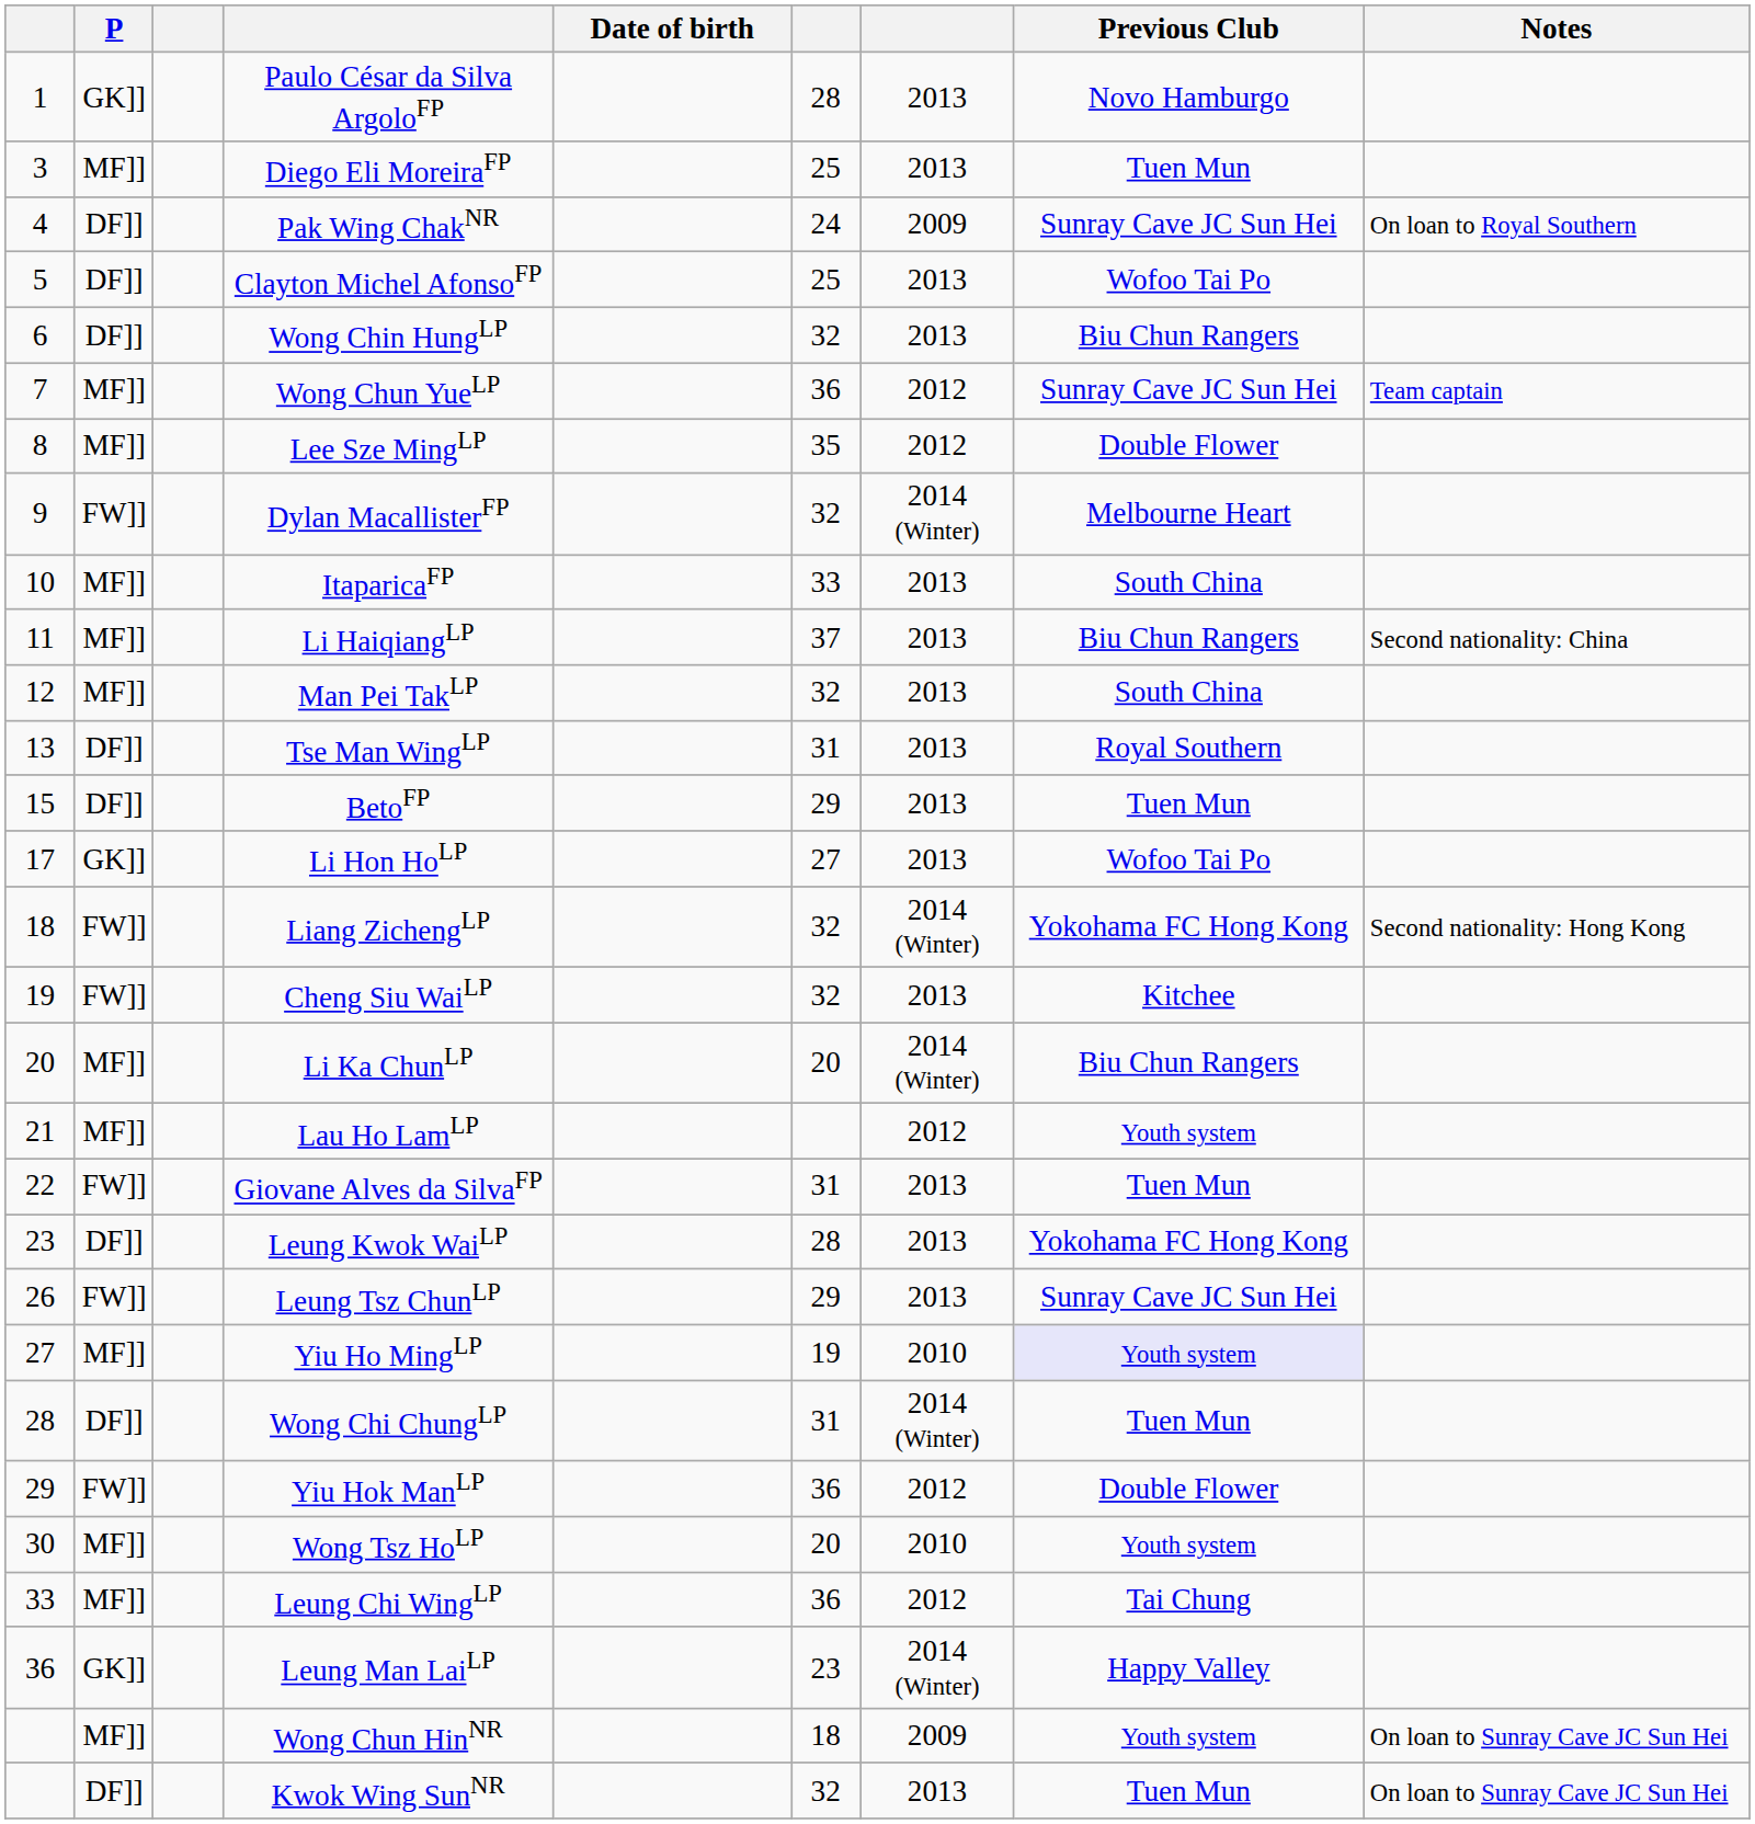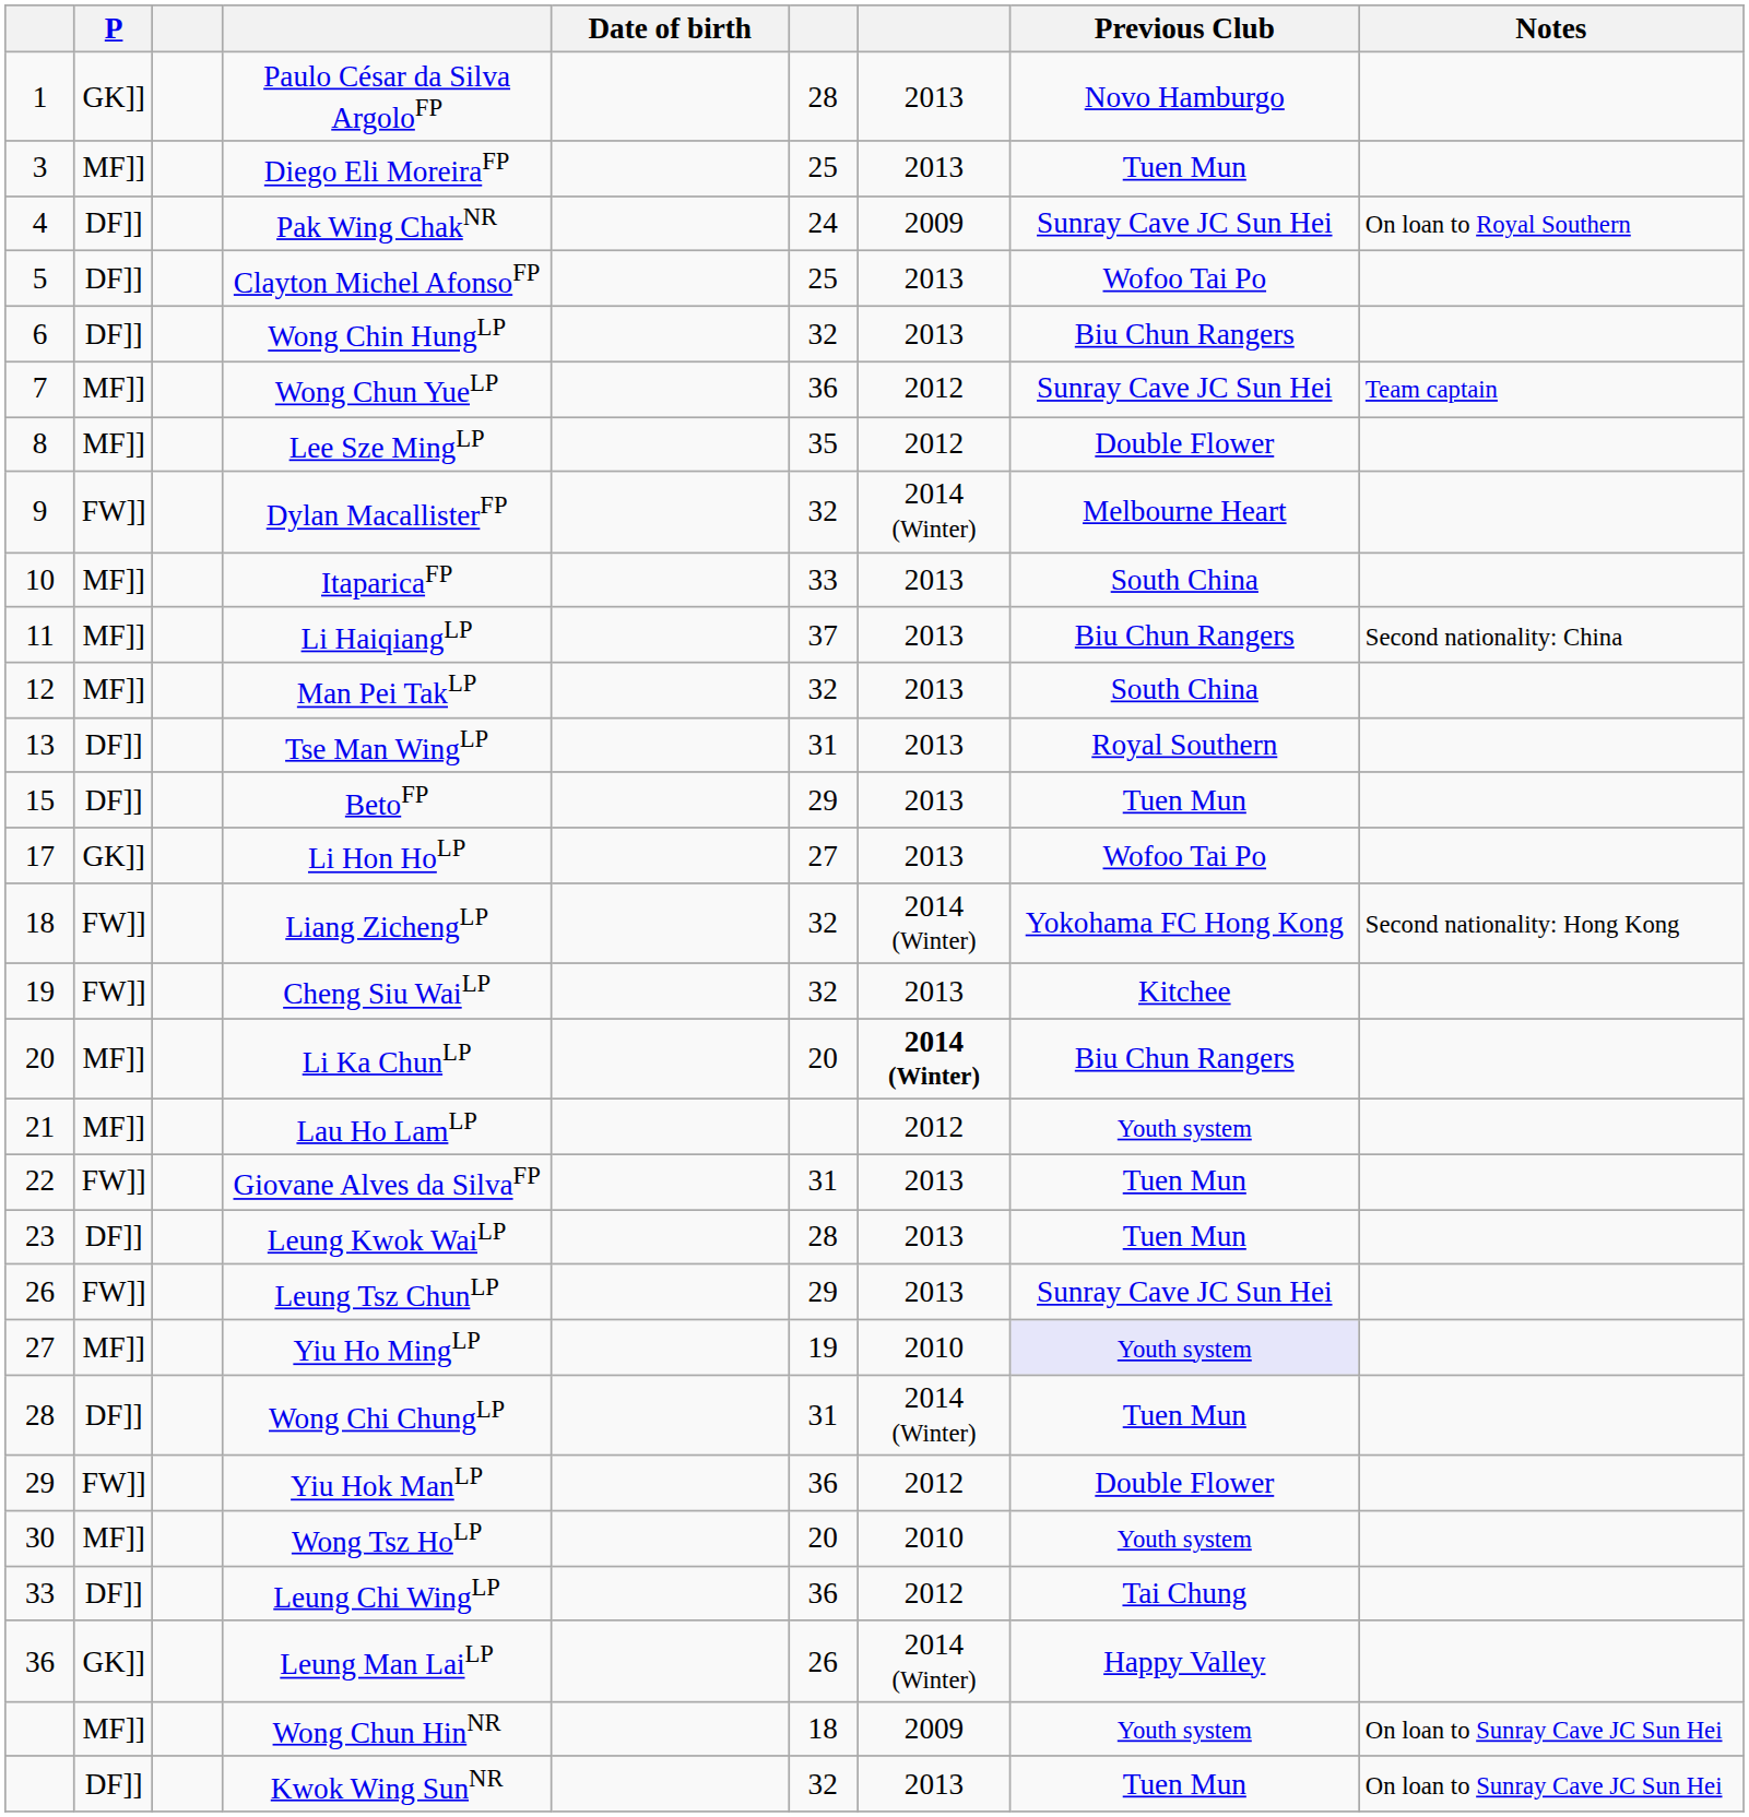 <table class="wikitable sortable" style="text-align: center;">
 <tr>
 <th width=30></th>
 <th width=30><a href='#'>P</a></th>
 <th width=30></th>
 <th width=170></th>
 <th width=120>Date of birth</th>
 <th width=30></th>
 <th width=75></th>
 <th width=180>Previous Club</th>
 <th width=200>Notes</th>
 </tr>
 <tr>
 <td>1</td>
 <td [[>GK]]</td>
 <td></td>
 <td><a href='#'>Paulo César da Silva Argolo</a><sup>FP</sup></td>
 <td></td>
 <td>28</td>
 <td>2013</td>
 <td> <a href='#'>Novo Hamburgo</a></td>
 <td></td>
 </tr>
 <tr>
 <td>3</td>
 <td [[>MF]]</td>
 <td></td>
 <td><a href='#'>Diego Eli Moreira</a><sup>FP</sup></td>
 <td></td>
 <td>25</td>
 <td>2013</td>
 <td> <a href='#'>Tuen Mun</a></td>
 <td></td>
 </tr>
 <tr>
 <td>4</td>
 <td [[>DF]]</td>
 <td></td>
 <td><a href='#'>Pak Wing Chak</a><sup>NR</sup></td>
 <td></td>
 <td>24</td>
 <td>2009</td>
 <td> <a href='#'>Sunray Cave JC Sun Hei</a></td>
 <td align=left><small>On loan to <a href='#'>Royal Southern</a></small></td>
 </tr>
 <tr>
 <td>5</td>
 <td [[>DF]]</td>
 <td></td>
 <td><a href='#'>Clayton Michel Afonso</a><sup>FP</sup></td>
 <td></td>
 <td>25</td>
 <td>2013</td>
 <td> <a href='#'>Wofoo Tai Po</a></td>
 <td></td>
 </tr>
 <tr>
 <td>6</td>
 <td [[>DF]]</td>
 <td></td>
 <td><a href='#'>Wong Chin Hung</a><sup>LP</sup></td>
 <td></td>
 <td>32</td>
 <td>2013</td>
 <td> <a href='#'>Biu Chun Rangers</a></td>
 <td></td>
 </tr>
 <tr>
 <td>7</td>
 <td [[>MF]]</td>
 <td></td>
 <td><a href='#'>Wong Chun Yue</a><sup>LP</sup></td>
 <td></td>
 <td>36</td>
 <td>2012</td>
 <td> <a href='#'>Sunray Cave JC Sun Hei</a></td>
 <td align=left><small><a href='#'>Team captain</a></small></td>
 </tr>
 <tr>
 <td>8</td>
 <td [[>MF]]</td>
 <td></td>
 <td><a href='#'>Lee Sze Ming</a><sup>LP</sup></td>
 <td></td>
 <td>35</td>
 <td>2012</td>
 <td> <a href='#'>Double Flower</a></td>
 <td></td>
 </tr>
 <tr>
 <td>9</td>
 <td [[>FW]]</td>
 <td></td>
 <td><a href='#'>Dylan Macallister</a><sup>FP</sup></td>
 <td></td>
 <td>32</td>
 <td>2014 <small>(Winter)</small></td>
 <td> <a href='#'>Melbourne Heart</a></td>
 <td></td>
 </tr>
 <tr>
 <td>10</td>
 <td [[>MF]]</td>
 <td></td>
 <td><a href='#'>Itaparica</a><sup>FP</sup></td>
 <td></td>
 <td>33</td>
 <td>2013</td>
 <td> <a href='#'>South China</a></td>
 <td></td>
 </tr>
 <tr>
 <td>11</td>
 <td [[>MF]]</td>
 <td></td>
 <td><a href='#'>Li Haiqiang</a><sup>LP</sup></td>
 <td></td>
 <td>37</td>
 <td>2013</td>
 <td> <a href='#'>Biu Chun Rangers</a></td>
 <td align=left><small>Second nationality: China</small></td>
 </tr>
 <tr>
 <td>12</td>
 <td [[>MF]]</td>
 <td></td>
 <td><a href='#'>Man Pei Tak</a><sup>LP</sup></td>
 <td></td>
 <td>32</td>
 <td>2013</td>
 <td> <a href='#'>South China</a></td>
 <td></td>
 </tr>
 <tr>
 <td>13</td>
 <td [[>DF]]</td>
 <td></td>
 <td><a href='#'>Tse Man Wing</a><sup>LP</sup></td>
 <td></td>
 <td>31</td>
 <td>2013</td>
 <td> <a href='#'>Royal Southern</a></td>
 <td></td>
 </tr>
 <tr>
 <td>15</td>
 <td [[>DF]]</td>
 <td></td>
 <td><a href='#'>Beto</a><sup>FP</sup></td>
 <td></td>
 <td>29</td>
 <td>2013</td>
 <td> <a href='#'>Tuen Mun</a></td>
 <td></td>
 </tr>
 <tr>
 <td>17</td>
 <td [[>GK]]</td>
 <td></td>
 <td><a href='#'>Li Hon Ho</a><sup>LP</sup></td>
 <td></td>
 <td>27</td>
 <td>2013</td>
 <td> <a href='#'>Wofoo Tai Po</a></td>
 <td></td>
 </tr>
 <tr>
 <td>18</td>
 <td [[>FW]]</td>
 <td></td>
 <td><a href='#'>Liang Zicheng</a><sup>LP</sup></td>
 <td></td>
 <td>32</td>
 <td>2014 <small>(Winter)</small></td>
 <td> <a href='#'>Yokohama FC Hong Kong</a></td>
 <td align=left><small>Second nationality: Hong Kong</small></td>
 </tr>
 <tr>
 <td>19</td>
 <td [[>FW]]</td>
 <td></td>
 <td><a href='#'>Cheng Siu Wai</a><sup>LP</sup></td>
 <td></td>
 <td>32</td>
 <td>2013</td>
 <td> <a href='#'>Kitchee</a></td>
 <td></td>
 </tr>
 <tr>
 <td>20</td>
 <td [[>MF]]</td>
 <td></td>
 <td><a href='#'>Li Ka Chun</a><sup>LP</sup></td>
 <td></td>
 <td>20</td>
-<td>2014 <small>(Winter)</small></td>
+<td><strong>2014 <small>(Winter)</small></strong></td>
 <td> <a href='#'>Biu Chun Rangers</a></td>
 <td></td>
 </tr>
 <tr>
 <td>21</td>
 <td [[>MF]]</td>
 <td></td>
 <td><a href='#'>Lau Ho Lam</a><sup>LP</sup></td>
 <td></td>
 <td></td>
 <td>2012</td>
 <td><small><a href='#'>Youth system</a></small></td>
 <td></td>
 </tr>
 <tr>
 <td>22</td>
 <td [[>FW]]</td>
 <td></td>
 <td><a href='#'>Giovane Alves da Silva</a><sup>FP</sup></td>
 <td></td>
 <td>31</td>
 <td>2013</td>
 <td> <a href='#'>Tuen Mun</a></td>
 <td></td>
 </tr>
 <tr>
 <td>23</td>
 <td [[>DF]]</td>
 <td></td>
 <td><a href='#'>Leung Kwok Wai</a><sup>LP</sup></td>
 <td></td>
 <td>28</td>
 <td>2013</td>
-<td> <a href='#'>Yokohama FC Hong Kong</a></td>
+<td> <a href='#'>Tuen Mun</a></td>
 <td></td>
 </tr>
 <tr>
 <td>26</td>
 <td [[>FW]]</td>
 <td></td>
 <td><a href='#'>Leung Tsz Chun</a><sup>LP</sup></td>
 <td></td>
 <td>29</td>
 <td>2013</td>
 <td> <a href='#'>Sunray Cave JC Sun Hei</a></td>
 <td></td>
 </tr>
 <tr>
 <td>27</td>
 <td [[>MF]]</td>
 <td></td>
 <td><a href='#'>Yiu Ho Ming</a><sup>LP</sup></td>
 <td></td>
 <td>19</td>
 <td>2010</td>
 <td style="background: lavender;"><small><a href='#'>Youth system</a></small></td>
 <td></td>
 </tr>
 <tr>
 <td>28</td>
 <td [[>DF]]</td>
 <td></td>
 <td><a href='#'>Wong Chi Chung</a><sup>LP</sup></td>
 <td></td>
 <td>31</td>
 <td>2014 <small>(Winter)</small></td>
 <td> <a href='#'>Tuen Mun</a></td>
 <td></td>
 </tr>
 <tr>
 <td>29</td>
 <td [[>FW]]</td>
 <td></td>
 <td><a href='#'>Yiu Hok Man</a><sup>LP</sup></td>
 <td></td>
 <td>36</td>
 <td>2012</td>
 <td> <a href='#'>Double Flower</a></td>
 <td></td>
 </tr>
 <tr>
 <td>30</td>
 <td [[>MF]]</td>
 <td></td>
 <td><a href='#'>Wong Tsz Ho</a><sup>LP</sup></td>
 <td></td>
 <td>20</td>
 <td>2010</td>
 <td><small><a href='#'>Youth system</a></small></td>
 <td></td>
 </tr>
 <tr>
 <td>33</td>
-<td [[>MF]]</td>
+<td [[>DF]]</td>
 <td></td>
 <td><a href='#'>Leung Chi Wing</a><sup>LP</sup></td>
 <td></td>
 <td>36</td>
 <td>2012</td>
 <td> <a href='#'>Tai Chung</a></td>
 <td></td>
 </tr>
 <tr>
 <td>36</td>
 <td [[>GK]]</td>
 <td></td>
 <td><a href='#'>Leung Man Lai</a><sup>LP</sup></td>
 <td></td>
-<td>23</td>
+<td>26</td>
 <td>2014 <small>(Winter)</small></td>
 <td> <a href='#'>Happy Valley</a></td>
 <td></td>
 </tr>
 <tr>
 <td></td>
 <td [[>MF]]</td>
 <td></td>
 <td><a href='#'>Wong Chun Hin</a><sup>NR</sup></td>
 <td></td>
 <td>18</td>
 <td>2009</td>
 <td><small><a href='#'>Youth system</a></small></td>
 <td align=left><small>On loan to <a href='#'>Sunray Cave JC Sun Hei</a></small></td>
 </tr>
 <tr>
 <td></td>
 <td [[>DF]]</td>
 <td></td>
 <td><a href='#'>Kwok Wing Sun</a><sup>NR</sup></td>
 <td></td>
 <td>32</td>
 <td>2013</td>
 <td> <a href='#'>Tuen Mun</a></td>
 <td align=left><small>On loan to <a href='#'>Sunray Cave JC Sun Hei</a></small><br>  </td>
 </tr>
 </table>
